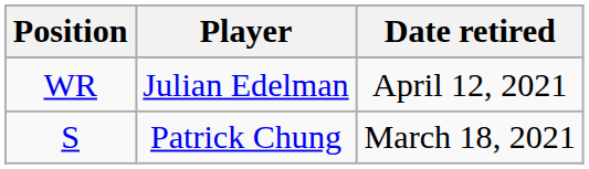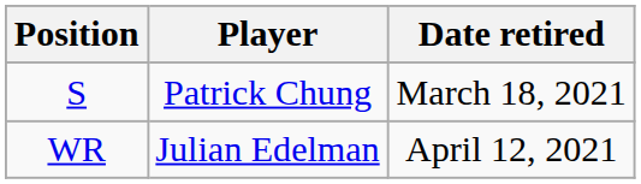 <table class="wikitable" style="text-align:center">
 <tr>
 <th>Position</th>
 <th>Player</th>
 <th>Date retired</th>
 </tr>
 <tr>
+<td><a href='#'>S</a></td>
+<td><a href='#'>Patrick Chung</a></td>
+<td>March 18, 2021</td>
+</tr>
+<tr>
 <td><a href='#'>WR</a></td>
 <td><a href='#'>Julian Edelman</a></td>
 <td>April 12, 2021</td>
 </tr>
-<tr>
-<td><a href='#'>S</a></td>
-<td><a href='#'>Patrick Chung</a></td>
-<td>March 18, 2021</td>
-</tr>
 </table>
